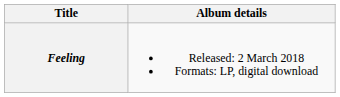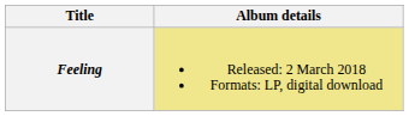 <table class="wikitable plainrowheaders" style="text-align:center">
 <tr>
 <th scope="col" style="width:10em;">Title</th>
 <th scope="col" style="width:17em;">Album details</th>
 </tr>
 <tr>
 <th scope="row"><em>Feeling</em></th>
-<td><br><ul><li>Released: 2 March 2018</li><li>Formats: LP, digital download</li></ul></td>
+<td style="background: khaki;"><br><ul><li>Released: 2 March 2018</li><li>Formats: LP, digital download</li></ul></td>
 </tr>
 </table>
